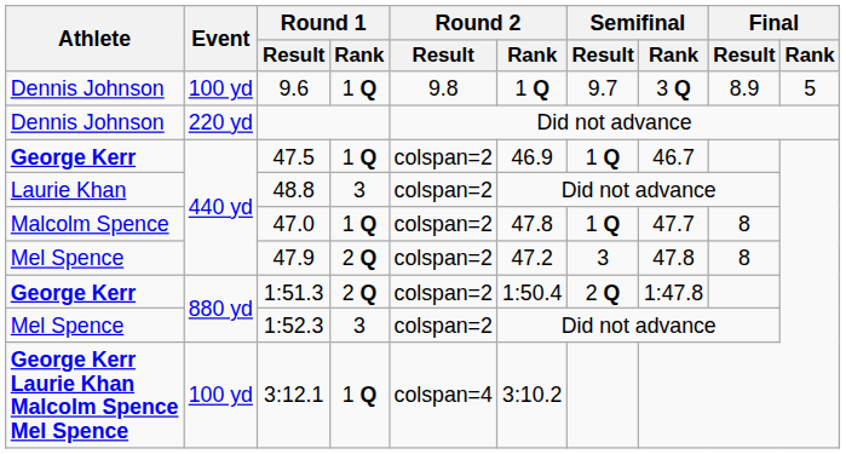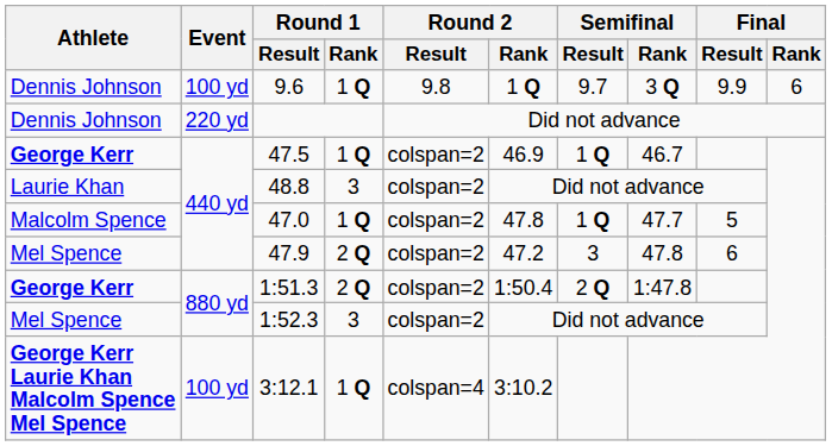 <table class=wikitable style=font-size:90%>
 <tr>
 <th rowspan=2>Athlete</th>
 <th rowspan=2>Event</th>
 <th colspan=2>Round 1</th>
 <th colspan=2>Round 2</th>
 <th colspan=2>Semifinal</th>
 <th colspan=2>Final</th>
 </tr>
 <tr style=font-size:95%>
 <th>Result</th>
 <th>Rank</th>
 <th>Result</th>
 <th>Rank</th>
 <th>Result</th>
 <th>Rank</th>
 <th>Result</th>
 <th>Rank</th>
 </tr>
 <tr align=center>
 <td align=left><a href='#'>Dennis Johnson</a></td>
 <td align=left><a href='#'>100 yd</a></td>
 <td>9.6</td>
 <td>1 <strong>Q</strong></td>
 <td>9.8</td>
 <td>1 <strong>Q</strong></td>
 <td>9.7</td>
 <td>3 <strong>Q</strong></td>
-<td>8.9</td>
-<td>5</td>
+<td>9.9</td>
+<td>6</td>
 </tr>
 <tr align=center>
 <td align=left><a href='#'>Dennis Johnson</a></td>
 <td align=left><a href='#'>220 yd</a></td>
 <td colspan=2></td>
 <td colspan=6>Did not advance</td>
 </tr>
 <tr align=center>
 <td align=left><strong><a href='#'>George Kerr</a></strong></td>
 <td align=left rowspan=4><a href='#'>440 yd</a></td>
 <td>47.5</td>
 <td>1 <strong>Q</strong></td>
 <td>colspan=2 </td>
 <td>46.9</td>
 <td>1 <strong>Q</strong></td>
 <td>46.7</td>
 <td></td>
 </tr>
 <tr align=center>
 <td align=left><a href='#'>Laurie Khan</a></td>
 <td>48.8</td>
 <td>3</td>
 <td>colspan=2 </td>
 <td colspan=4>Did not advance</td>
 </tr>
 <tr align=center>
 <td align=left><a href='#'>Malcolm Spence</a></td>
 <td>47.0</td>
 <td>1 <strong>Q</strong></td>
 <td>colspan=2 </td>
 <td>47.8</td>
 <td>1 <strong>Q</strong></td>
 <td>47.7</td>
-<td>8</td>
+<td>5</td>
 </tr>
 <tr align=center>
 <td align=left><a href='#'>Mel Spence</a></td>
 <td>47.9</td>
 <td>2 <strong>Q</strong></td>
 <td>colspan=2 </td>
 <td>47.2</td>
 <td>3</td>
 <td>47.8</td>
-<td>8</td>
+<td>6</td>
 </tr>
 <tr align=center>
 <td align=left><strong><a href='#'>George Kerr</a></strong></td>
 <td align=left rowspan=2><a href='#'>880 yd</a></td>
 <td>1:51.3</td>
 <td>2 <strong>Q</strong></td>
 <td>colspan=2 </td>
 <td>1:50.4</td>
 <td>2 <strong>Q</strong></td>
 <td>1:47.8</td>
 <td></td>
 </tr>
 <tr align=center>
 <td align=left><a href='#'>Mel Spence</a></td>
 <td>1:52.3</td>
 <td>3</td>
 <td>colspan=2 </td>
 <td colspan=4>Did not advance</td>
 </tr>
 <tr align=center>
 <td align=left><strong><a href='#'>George Kerr</a><br><a href='#'>Laurie Khan</a><br><a href='#'>Malcolm Spence</a><br><a href='#'>Mel Spence</a></strong></td>
 <td align=left><a href='#'>100 yd</a></td>
 <td>3:12.1</td>
 <td>1 <strong>Q</strong></td>
 <td>colspan=4 </td>
 <td>3:10.2</td>
 <td></td>
 </tr>
 </table>
